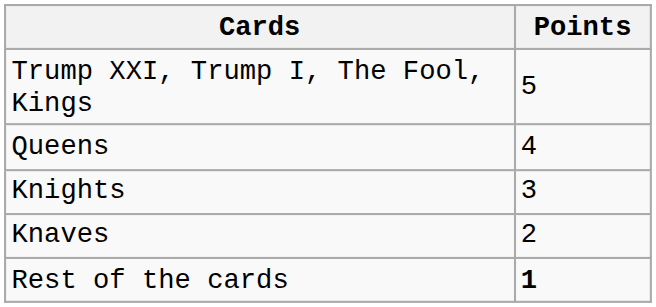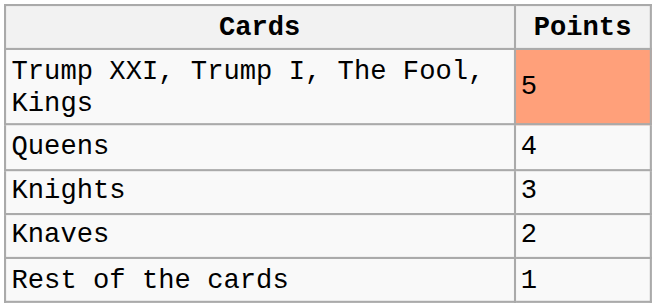 <table class="wikitable float-left" width="310">
 <tr>
 <th width="250">Cards</th>
 <th width="60">Points</th>
 </tr>
 <tr>
 <td>Trump XXI, Trump I, The Fool, Kings</td>
-<td>5</td>
+<td style="background: lightsalmon;">5</td>
 </tr>
 <tr>
 <td>Queens</td>
 <td>4</td>
 </tr>
 <tr>
 <td>Knights</td>
 <td>3</td>
 </tr>
 <tr>
 <td>Knaves</td>
 <td>2</td>
 </tr>
 <tr>
 <td>Rest of the cards</td>
-<td><strong>1</strong></td>
+<td>1</td>
 </tr>
 </table>
